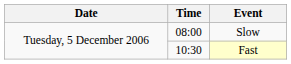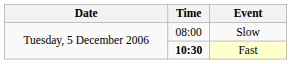 <table class = "wikitable" style="text-align:center;">
 <tr>
 <th width=220>Date</th>
 <th width=50>Time</th>
 <th width=100>Event</th>
 </tr>
 <tr>
 <td rowspan=2>Tuesday, 5 December 2006</td>
 <td>08:00</td>
 <td>Slow</td>
 </tr>
 <tr>
-<td>10:30</td>
+<td><strong>10:30</strong></td>
 <td bgcolor=ffffcc>Fast</td>
 </tr>
 </table>
